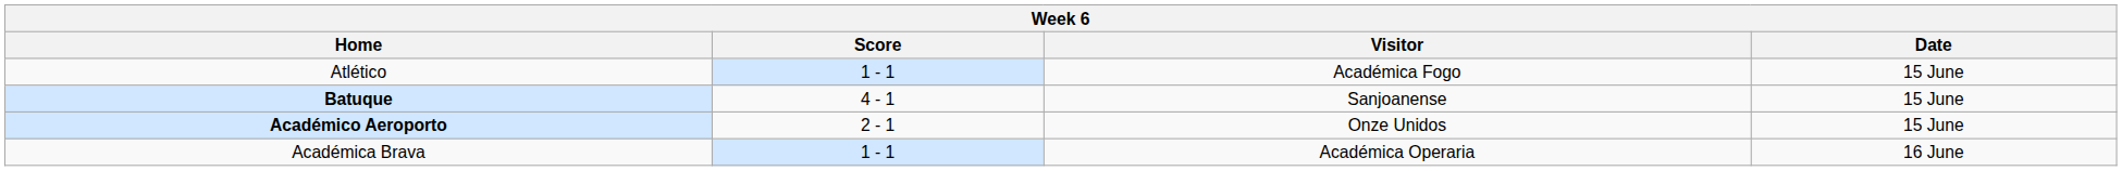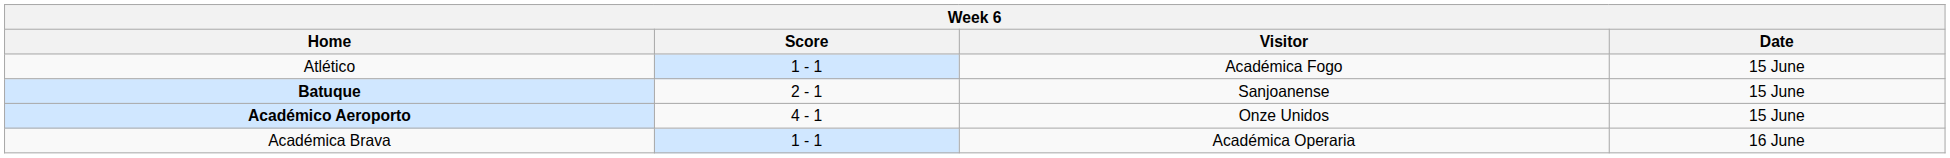 <table class="wikitable" style="font-size:95%; text-align: center; width: 95%;">
 <tr>
 <th colspan="12" style="with: 100%;" align=center>Week 6</th>
 </tr>
 <tr>
 <th width="200">Home</th>
 <th width="90">Score</th>
 <th width="200">Visitor</th>
 <th width="100">Date</th>
 </tr>
 <tr align=center>
 <td>Atlético</td>
 <td bgcolor=#D0E7FF>1 - 1</td>
 <td>Académica Fogo</td>
 <td>15 June</td>
 </tr>
 <tr align=center>
 <td bgcolor=#D0E7FF><strong>Batuque</strong></td>
-<td>4 - 1</td>
+<td>2 - 1</td>
 <td>Sanjoanense</td>
 <td>15 June</td>
 </tr>
 <tr align=center>
 <td bgcolor=#D0E7FF><strong>Académico Aeroporto</strong></td>
-<td>2 - 1</td>
+<td>4 - 1</td>
 <td>Onze Unidos</td>
 <td>15 June</td>
 </tr>
 <tr align=center>
 <td>Académica Brava</td>
 <td bgcolor=#D0E7FF>1 - 1</td>
 <td>Académica Operaria</td>
 <td>16 June</td>
 </tr>
 </table>
